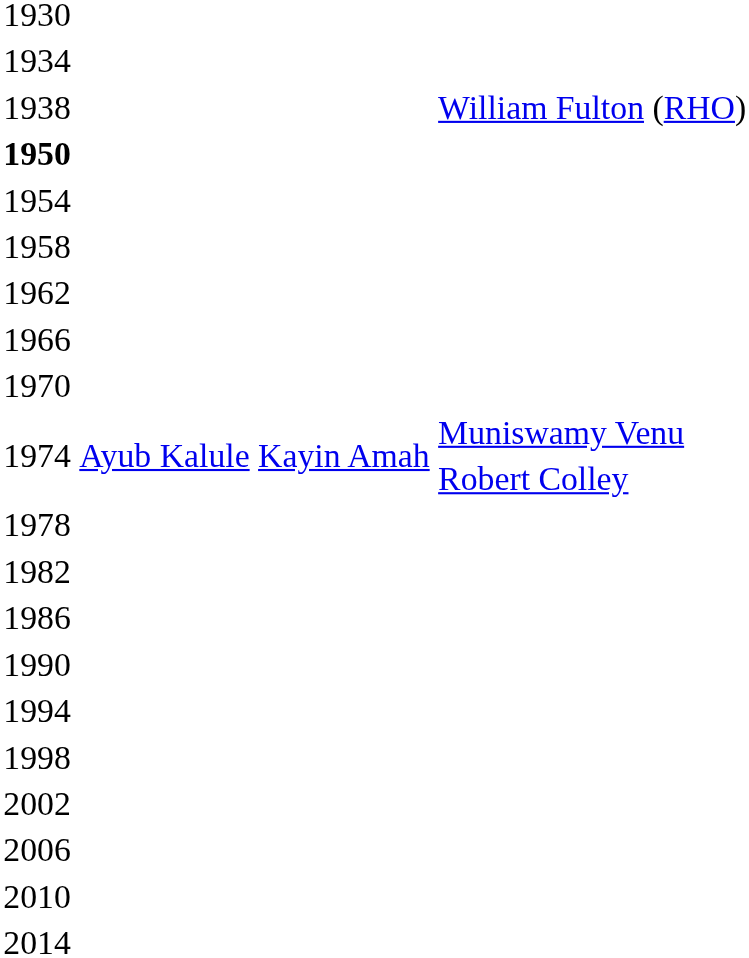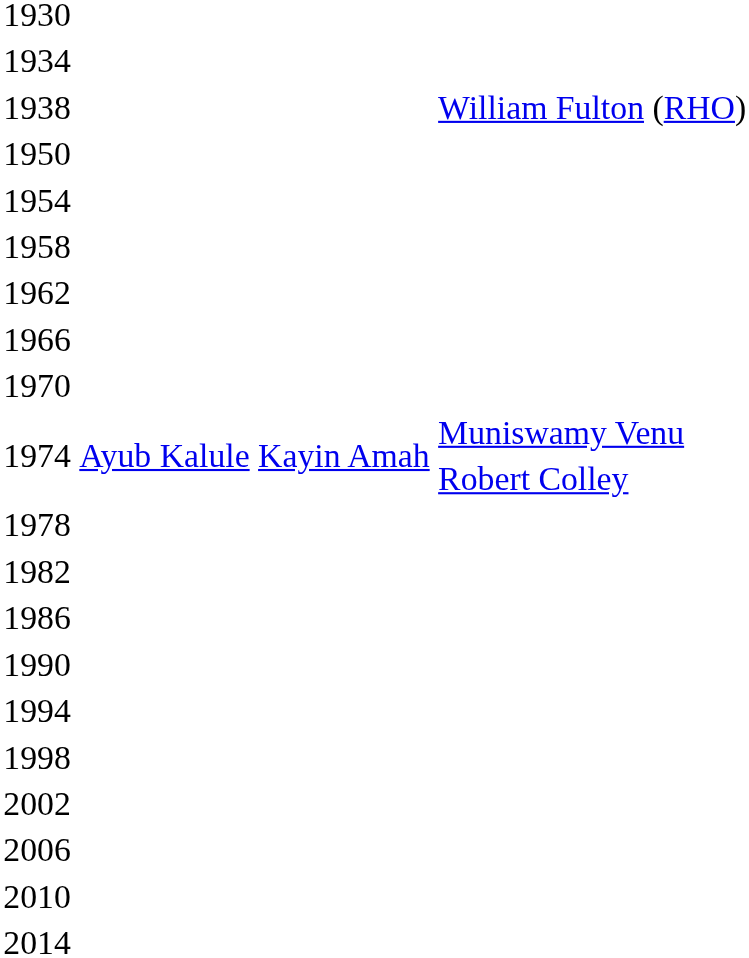 <table>
 <tr>
 <td>1930</td>
 <td></td>
 <td></td>
 <td></td>
 </tr>
 <tr>
 <td>1934</td>
 <td></td>
 <td></td>
 <td></td>
 </tr>
 <tr>
 <td>1938</td>
 <td></td>
 <td></td>
 <td> <a href='#'>William Fulton</a> <span>(<a href='#'>RHO</a>)</span></td>
 </tr>
 <tr>
-<td><strong>1950</strong></td>
+<td>1950</td>
 <td></td>
 <td></td>
 <td></td>
 </tr>
 <tr>
 <td>1954</td>
 <td></td>
 <td></td>
 <td></td>
 </tr>
 <tr>
 <td rowspan=2>1958</td>
 <td rowspan=2></td>
 <td rowspan=2></td>
 <td></td>
 </tr>
 <tr>
 <td></td>
 </tr>
 <tr>
 <td rowspan=2>1962</td>
 <td rowspan=2></td>
 <td rowspan=2></td>
 <td></td>
 </tr>
 <tr>
 <td></td>
 </tr>
 <tr>
 <td>1966</td>
 <td></td>
 <td></td>
 <td><br></td>
 </tr>
 <tr>
 <td rowspan=2>1970</td>
 <td rowspan=2></td>
 <td rowspan=2></td>
 <td></td>
 </tr>
 <tr>
 <td></td>
 </tr>
 <tr>
 <td rowspan=2>1974</td>
 <td rowspan=2> <a href='#'>Ayub Kalule</a></td>
 <td rowspan=2> <a href='#'>Kayin Amah</a></td>
 <td> <a href='#'>Muniswamy Venu</a></td>
 </tr>
 <tr>
 <td> <a href='#'>Robert Colley</a></td>
 </tr>
 <tr>
 <td rowspan=2>1978</td>
 <td rowspan=2></td>
 <td rowspan=2></td>
 <td></td>
 </tr>
 <tr>
 <td></td>
 </tr>
 <tr>
 <td rowspan=2>1982</td>
 <td rowspan=2></td>
 <td rowspan=2></td>
 <td></td>
 </tr>
 <tr>
 <td></td>
 </tr>
 <tr>
 <td>1986</td>
 <td></td>
 <td></td>
 <td><br></td>
 </tr>
 <tr>
 <td>1990</td>
 <td></td>
 <td></td>
 <td><br></td>
 </tr>
 <tr>
 <td>1994</td>
 <td></td>
 <td></td>
 <td><br></td>
 </tr>
 <tr>
 <td>1998</td>
 <td></td>
 <td></td>
 <td><br></td>
 </tr>
 <tr>
 <td rowspan=2>2002</td>
 <td rowspan=2></td>
 <td rowspan=2></td>
 <td></td>
 </tr>
 <tr>
 <td></td>
 </tr>
 <tr>
 <td rowspan=2>2006</td>
 <td rowspan=2></td>
 <td rowspan=2></td>
 <td></td>
 </tr>
 <tr>
 <td></td>
 </tr>
 <tr>
 <td rowspan=2>2010<br></td>
 <td rowspan=2></td>
 <td rowspan=2></td>
 <td></td>
 </tr>
 <tr>
 <td></td>
 </tr>
 <tr>
 <td rowspan=2>2014<br></td>
 <td rowspan=2></td>
 <td rowspan=2></td>
 <td></td>
 </tr>
 <tr>
 <td></td>
 </tr>
 </table>
